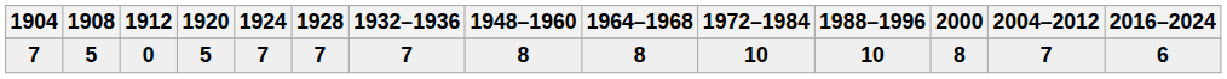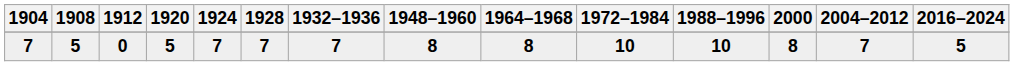 <table class="wikitable sticky-table-row1" style="text-align: center;">
 <tr>
 <th scope="col">1904</th>
 <th scope="col">1908</th>
 <th scope="col">1912</th>
 <th scope="col">1920</th>
 <th scope="col">1924</th>
 <th scope="col">1928</th>
 <th scope="col">1932–1936</th>
 <th scope="col">1948–1960</th>
 <th scope="col">1964–1968</th>
 <th scope="col">1972–1984</th>
 <th scope="col">1988–1996</th>
 <th scope="col">2000</th>
 <th scope="col">2004–2012</th>
 <th scope="col">2016–2024</th>
 </tr>
 <tr>
 </tr>
 <tr>
 </tr>
 <tr>
 </tr>
 <tr>
 </tr>
 <tr>
 </tr>
 <tr>
 </tr>
 <tr>
 </tr>
 <tr>
 </tr>
 <tr>
 </tr>
 <tr>
 </tr>
 <tr>
 </tr>
 <tr>
 </tr>
 <tr>
 </tr>
 <tr>
 </tr>
 <tr>
 </tr>
 <tr>
 </tr>
 <tr>
 </tr>
 <tr>
 </tr>
 <tr>
 </tr>
 <tr>
 </tr>
 <tr>
 </tr>
 <tr>
 </tr>
 <tr>
 </tr>
 <tr>
 </tr>
 <tr>
 </tr>
 <tr>
 </tr>
 <tr>
 </tr>
 <tr>
 </tr>
 <tr>
 </tr>
 <tr>
 </tr>
 <tr>
 </tr>
 <tr>
 </tr>
 <tr>
 </tr>
 <tr>
 </tr>
 <tr>
 </tr>
 <tr>
 </tr>
 <tr>
 </tr>
 <tr>
 </tr>
 <tr>
 </tr>
 <tr>
 </tr>
 <tr>
 </tr>
 <tr>
 </tr>
 <tr style="background:#efefef; font-weight:bold;">
 <td>7</td>
 <td>5</td>
 <td>0</td>
 <td>5</td>
 <td>7</td>
 <td>7</td>
 <td>7</td>
 <td>8</td>
 <td>8</td>
 <td>10</td>
 <td>10</td>
 <td>8</td>
 <td>7</td>
-<td>6</td>
+<td>5</td>
 </tr>
 </table>
